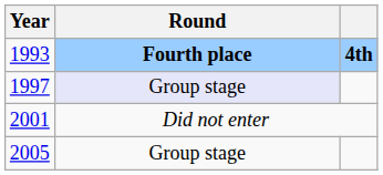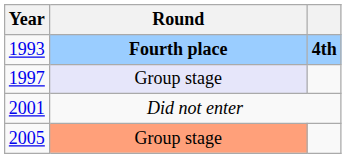 <table class="wikitable" style="text-align: center; font-size:90%">
 <tr>
 <th>Year</th>
 <th style="width:200px">Round</th>
 <th></th>
 </tr>
 <tr>
 <td><a href='#'>1993</a></td>
 <td bgcolor="9acdff"><strong>Fourth place</strong></td>
 <td bgcolor="9acdff"><strong>4th</strong></td>
 </tr>
 <tr>
 <td><a href='#'>1997</a></td>
 <td style="background: lavender;">Group stage</td>
 <td></td>
 </tr>
 <tr>
 <td><a href='#'>2001</a></td>
 <td colspan="2"><em>Did not enter</em></td>
 </tr>
 <tr>
 <td><a href='#'>2005</a></td>
-<td>Group stage</td>
+<td style="background: lightsalmon;">Group stage</td>
 <td></td>
 </tr>
 </table>
